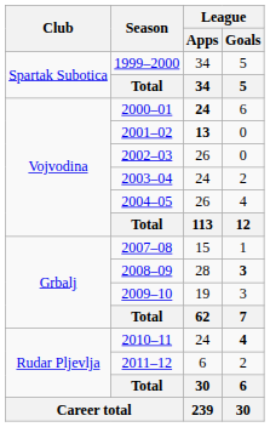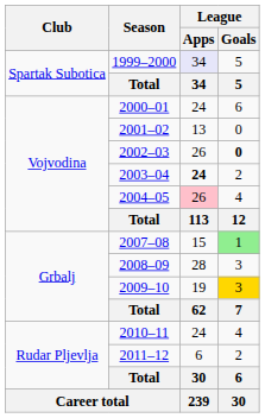 <table class="wikitable" style="text-align:center">
 <tr>
 <th rowspan="2">Club</th>
 <th rowspan="2">Season</th>
 <th colspan="2">League</th>
 </tr>
 <tr>
 <th>Apps</th>
 <th>Goals</th>
 </tr>
 <tr>
 <td rowspan="2"><a href='#'>Spartak Subotica</a></td>
 <td><a href='#'>1999–2000</a></td>
-<td>34</td>
+<td style="background: lavender;">34</td>
 <td>5</td>
 </tr>
 <tr>
 <th>Total</th>
 <th>34</th>
 <th>5</th>
 </tr>
 <tr>
 <td rowspan="6"><a href='#'>Vojvodina</a></td>
 <td><a href='#'>2000–01</a></td>
-<td><strong>24</strong></td>
+<td>24</td>
 <td>6</td>
 </tr>
 <tr>
 <td><a href='#'>2001–02</a></td>
-<td><strong>13</strong></td>
+<td>13</td>
 <td>0</td>
 </tr>
 <tr>
 <td><a href='#'>2002–03</a></td>
 <td>26</td>
-<td>0</td>
+<td><strong>0</strong></td>
 </tr>
 <tr>
 <td><a href='#'>2003–04</a></td>
-<td>24</td>
+<td><strong>24</strong></td>
 <td>2</td>
 </tr>
 <tr>
 <td><a href='#'>2004–05</a></td>
-<td>26</td>
+<td style="background: pink;">26</td>
 <td>4</td>
 </tr>
 <tr>
 <th>Total</th>
 <th>113</th>
 <th>12</th>
 </tr>
 <tr>
 <td rowspan="4"><a href='#'>Grbalj</a></td>
 <td><a href='#'>2007–08</a></td>
 <td>15</td>
-<td>1</td>
+<td style="background: lightgreen;">1</td>
 </tr>
 <tr>
 <td><a href='#'>2008–09</a></td>
 <td>28</td>
-<td><strong>3</strong></td>
+<td>3</td>
 </tr>
 <tr>
 <td><a href='#'>2009–10</a></td>
 <td>19</td>
-<td>3</td>
+<td style="background: gold;">3</td>
 </tr>
 <tr>
 <th>Total</th>
 <th>62</th>
 <th>7</th>
 </tr>
 <tr>
 <td rowspan="3"><a href='#'>Rudar Pljevlja</a></td>
 <td><a href='#'>2010–11</a></td>
 <td>24</td>
-<td><strong>4</strong></td>
+<td>4</td>
 </tr>
 <tr>
 <td><a href='#'>2011–12</a></td>
 <td>6</td>
 <td>2</td>
 </tr>
 <tr>
 <th>Total</th>
 <th>30</th>
 <th>6</th>
 </tr>
 <tr>
 <th colspan="2">Career total</th>
 <th>239</th>
 <th>30</th>
 </tr>
 </table>
